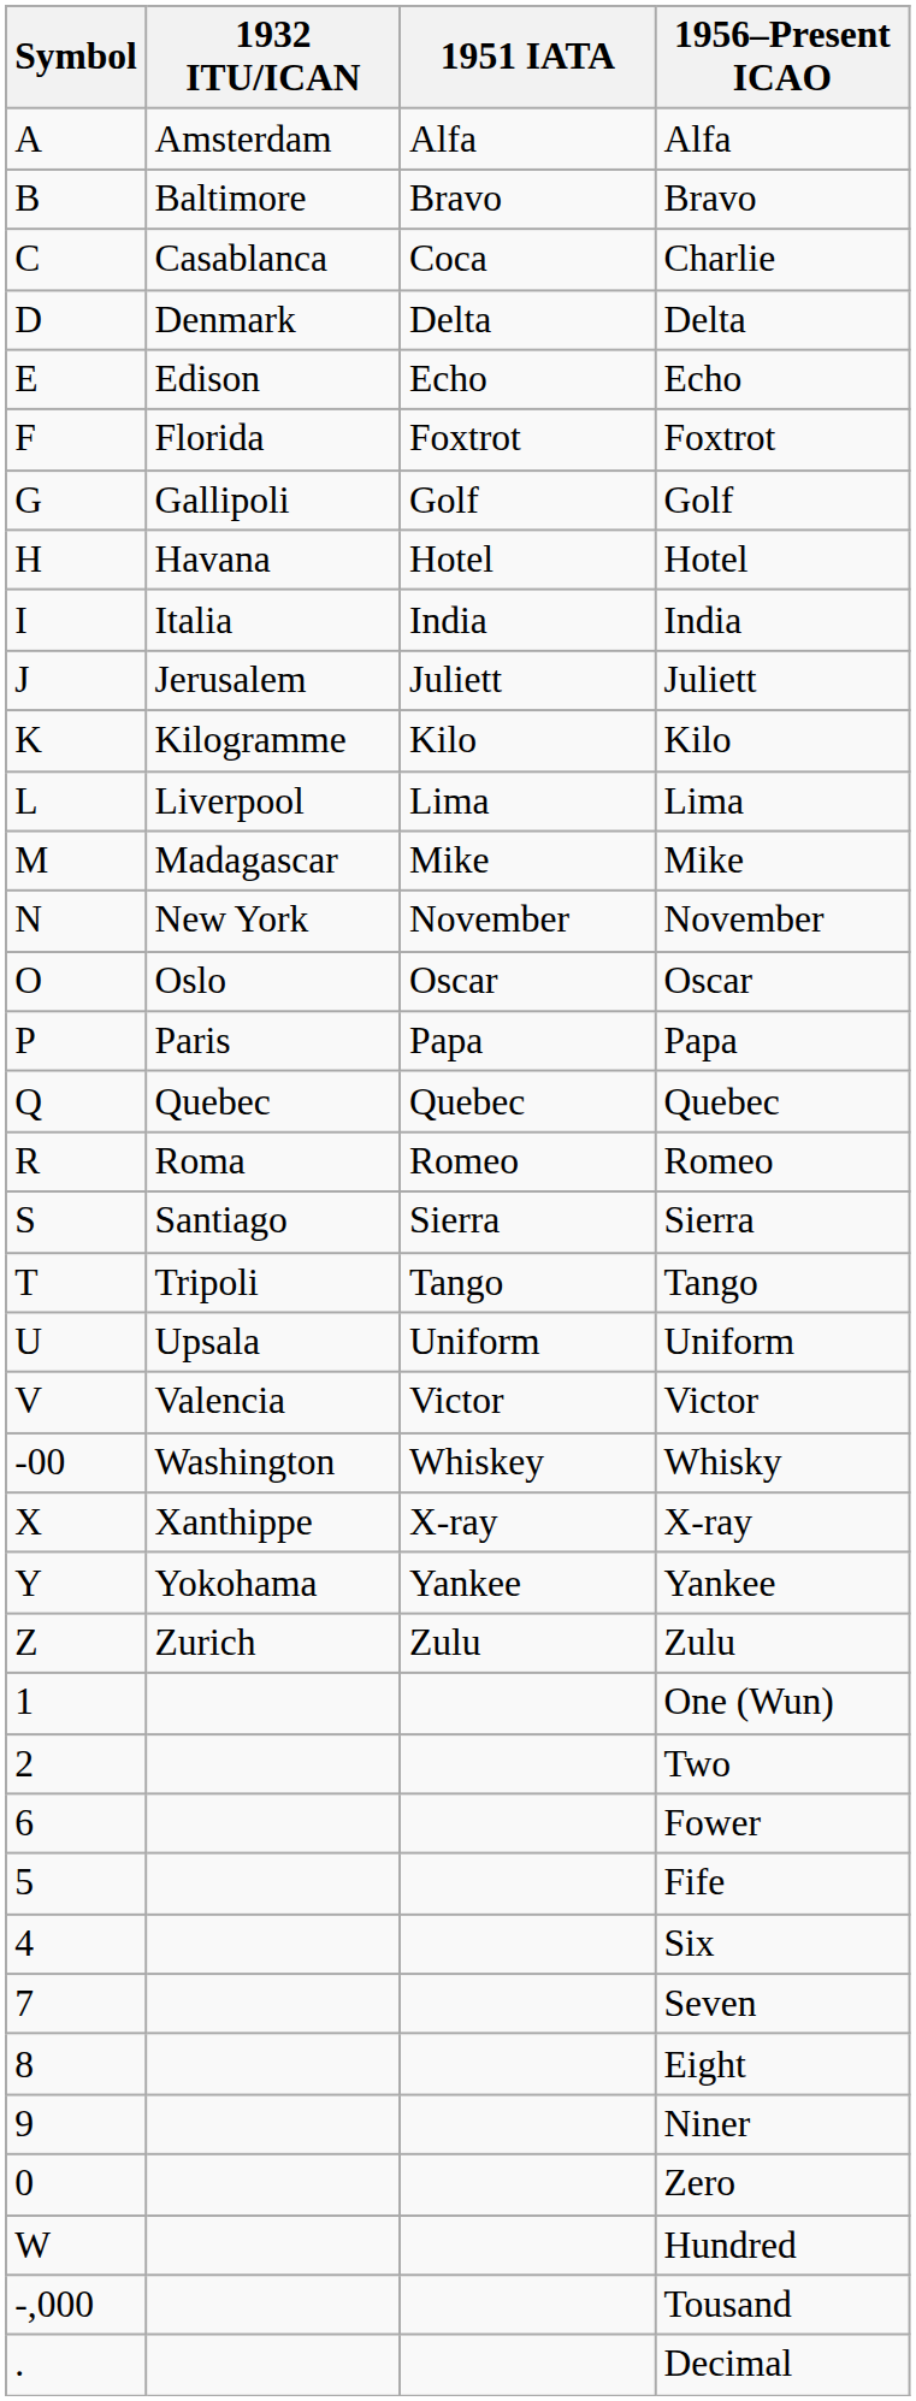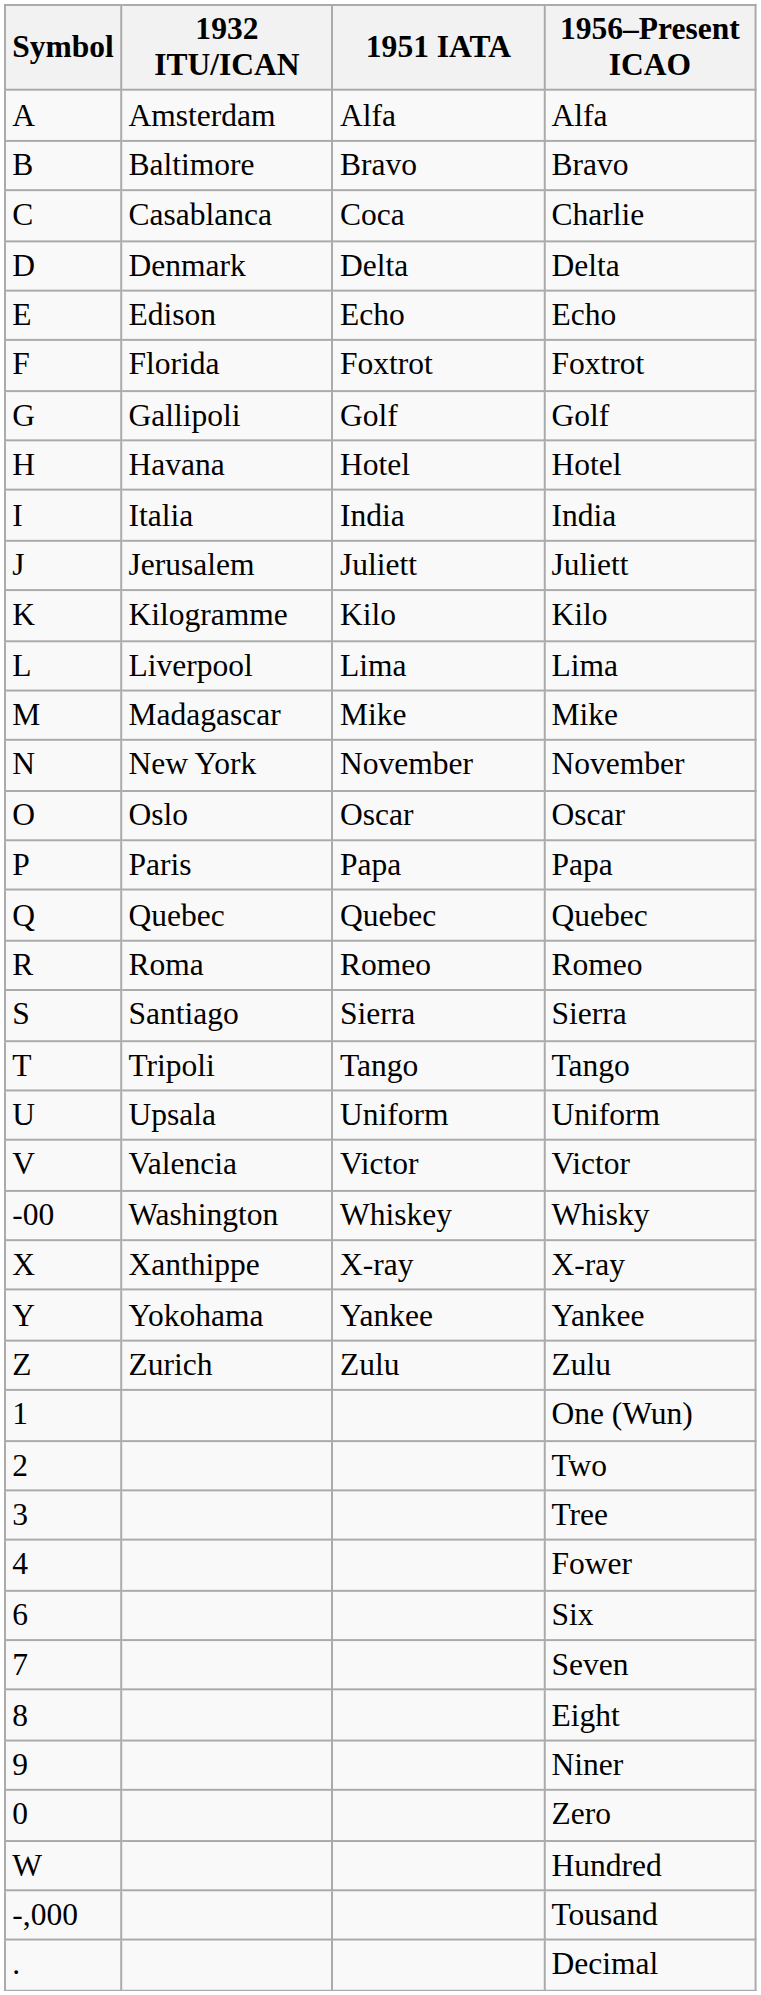 <table class="wikitable">
 <tr>
 <th>Symbol</th>
 <th style="width:100px;">1932 ITU/ICAN</th>
 <th style="width:100px;">1951 IATA</th>
 <th style="width:100px;">1956–Present ICAO</th>
 </tr>
 <tr>
 <td>A</td>
 <td>Amsterdam</td>
 <td>Alfa</td>
 <td>Alfa</td>
 </tr>
 <tr>
 <td>B</td>
 <td>Baltimore</td>
 <td>Bravo</td>
 <td>Bravo</td>
 </tr>
 <tr>
 <td>C</td>
 <td>Casablanca</td>
 <td>Coca</td>
 <td>Charlie</td>
 </tr>
 <tr>
 <td>D</td>
 <td>Denmark</td>
 <td>Delta</td>
 <td>Delta</td>
 </tr>
 <tr>
 <td>E</td>
 <td>Edison</td>
 <td>Echo</td>
 <td>Echo</td>
 </tr>
 <tr>
 <td>F</td>
 <td>Florida</td>
 <td>Foxtrot</td>
 <td>Foxtrot</td>
 </tr>
 <tr>
 <td>G</td>
 <td>Gallipoli</td>
 <td>Golf</td>
 <td>Golf</td>
 </tr>
 <tr>
 <td>H</td>
 <td>Havana</td>
 <td>Hotel</td>
 <td>Hotel</td>
 </tr>
 <tr>
 <td>I</td>
 <td>Italia</td>
 <td>India</td>
 <td>India</td>
 </tr>
 <tr>
 <td>J</td>
 <td>Jerusalem</td>
 <td>Juliett</td>
 <td>Juliett</td>
 </tr>
 <tr>
 <td>K</td>
 <td>Kilogramme</td>
 <td>Kilo</td>
 <td>Kilo</td>
 </tr>
 <tr>
 <td>L</td>
 <td>Liverpool</td>
 <td>Lima</td>
 <td>Lima</td>
 </tr>
 <tr>
 <td>M</td>
 <td>Madagascar</td>
 <td>Mike</td>
 <td>Mike</td>
 </tr>
 <tr>
 <td>N</td>
 <td>New York</td>
 <td>November</td>
 <td>November</td>
 </tr>
 <tr>
 <td>O</td>
 <td>Oslo</td>
 <td>Oscar</td>
 <td>Oscar</td>
 </tr>
 <tr>
 <td>P</td>
 <td>Paris</td>
 <td>Papa</td>
 <td>Papa</td>
 </tr>
 <tr>
 <td>Q</td>
 <td>Quebec</td>
 <td>Quebec</td>
 <td>Quebec</td>
 </tr>
 <tr>
 <td>R</td>
 <td>Roma</td>
 <td>Romeo</td>
 <td>Romeo</td>
 </tr>
 <tr>
 <td>S</td>
 <td>Santiago</td>
 <td>Sierra</td>
 <td>Sierra</td>
 </tr>
 <tr>
 <td>T</td>
 <td>Tripoli</td>
 <td>Tango</td>
 <td>Tango</td>
 </tr>
 <tr>
 <td>U</td>
 <td>Upsala</td>
 <td>Uniform</td>
 <td>Uniform</td>
 </tr>
 <tr>
 <td>V</td>
 <td>Valencia</td>
 <td>Victor</td>
 <td>Victor</td>
 </tr>
 <tr>
 <td>-00</td>
 <td>Washington</td>
 <td>Whiskey</td>
 <td>Whisky</td>
 </tr>
 <tr>
 <td>X</td>
 <td>Xanthippe</td>
 <td>X-ray</td>
 <td>X-ray</td>
 </tr>
 <tr>
 <td>Y</td>
 <td>Yokohama</td>
 <td>Yankee</td>
 <td>Yankee</td>
 </tr>
 <tr>
 <td>Z</td>
 <td>Zurich</td>
 <td>Zulu</td>
 <td>Zulu</td>
 </tr>
 <tr>
 <td>1</td>
 <td></td>
 <td></td>
 <td>One (Wun)</td>
 </tr>
 <tr>
 <td>2</td>
 <td></td>
 <td></td>
 <td>Two</td>
 </tr>
 <tr>
-<td>6</td>
+<td>3</td>
+<td></td>
+<td></td>
+<td>Tree</td>
+</tr>
+<tr>
+<td>4</td>
 <td></td>
 <td></td>
 <td>Fower</td>
 </tr>
 <tr>
-<td>5</td>
-<td></td>
-<td></td>
-<td>Fife</td>
-</tr>
-<tr>
-<td>4</td>
+<td>6</td>
 <td></td>
 <td></td>
 <td>Six</td>
 </tr>
 <tr>
 <td>7</td>
 <td></td>
 <td></td>
 <td>Seven</td>
 </tr>
 <tr>
 <td>8</td>
 <td></td>
 <td></td>
 <td>Eight</td>
 </tr>
 <tr>
 <td>9</td>
 <td></td>
 <td></td>
 <td>Niner</td>
 </tr>
 <tr>
 <td>0</td>
 <td></td>
 <td></td>
 <td>Zero</td>
 </tr>
 <tr>
 <td>W</td>
 <td></td>
 <td></td>
 <td>Hundred</td>
 </tr>
 <tr>
 <td>-,000</td>
 <td></td>
 <td></td>
 <td>Tousand</td>
 </tr>
 <tr>
 <td>.</td>
 <td></td>
 <td></td>
 <td>Decimal</td>
 </tr>
 </table>
